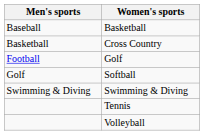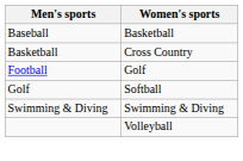 <table class="wikitable sortable">
 <tr>
 <th width=150px>Men's sports</th>
 <th width=150px>Women's sports</th>
 </tr>
 <tr>
 <td>Baseball</td>
 <td>Basketball</td>
 </tr>
 <tr>
 <td>Basketball</td>
 <td>Cross Country</td>
 </tr>
 <tr>
 <td><a href='#'>Football</a></td>
 <td>Golf</td>
 </tr>
 <tr>
 <td>Golf</td>
 <td>Softball</td>
 </tr>
 <tr>
 <td>Swimming & Diving</td>
 <td>Swimming & Diving</td>
 </tr>
 <tr>
 <td></td>
-<td>Tennis</td>
-</tr>
-<tr>
-<td></td>
 <td>Volleyball</td>
 </tr>
 </table>
